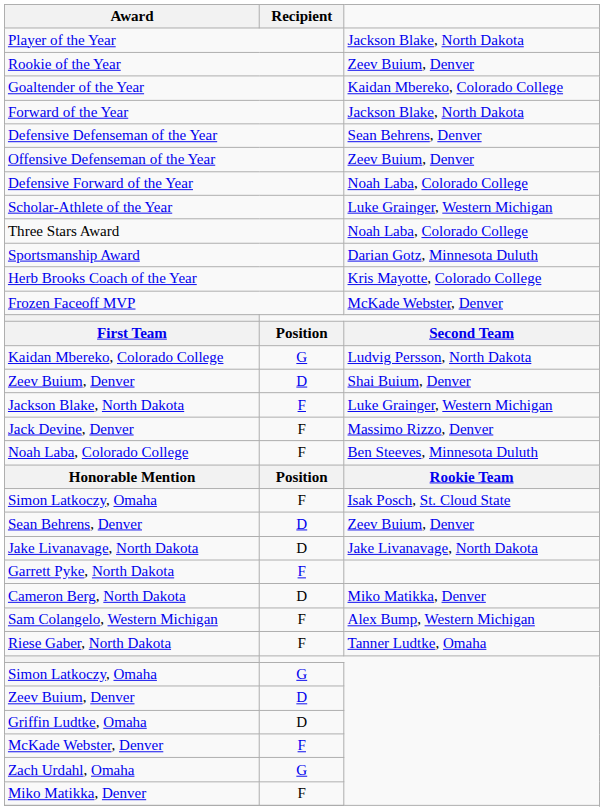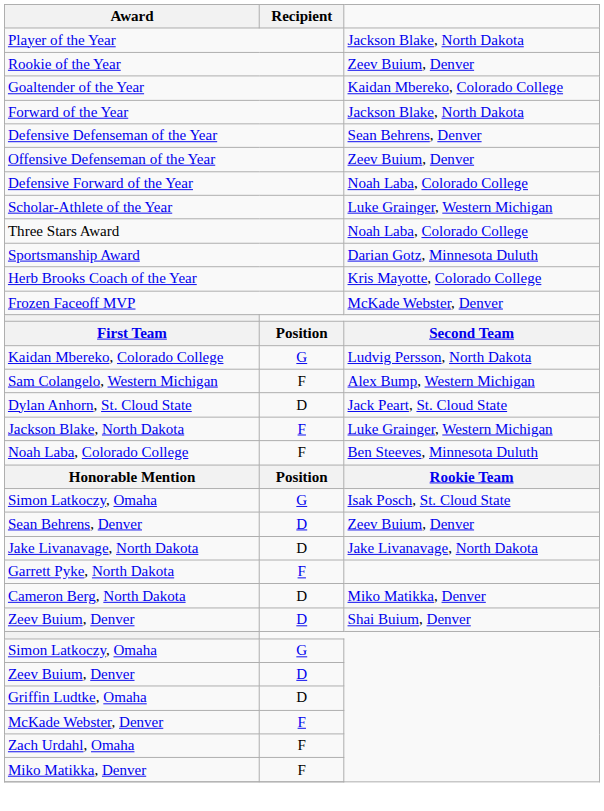 <table class="wikitable" width=40%>
 <tr>
 <th>Award</th>
 <th>Recipient</th>
 </tr>
 <tr>
 <td colspan=2><a href='#'>Player of the Year</a></td>
 <td><a href='#'>Jackson Blake</a>, <a href='#'>North Dakota</a></td>
 </tr>
 <tr>
 <td colspan=2><a href='#'>Rookie of the Year</a></td>
 <td><a href='#'>Zeev Buium</a>, <a href='#'>Denver</a></td>
 </tr>
 <tr>
 <td colspan=2><a href='#'>Goaltender of the Year</a></td>
 <td><a href='#'>Kaidan Mbereko</a>, <a href='#'>Colorado College</a></td>
 </tr>
 <tr>
 <td colspan=2><a href='#'>Forward of the Year</a></td>
 <td><a href='#'>Jackson Blake</a>, <a href='#'>North Dakota</a></td>
 </tr>
 <tr>
 <td colspan=2><a href='#'>Defensive Defenseman of the Year</a></td>
 <td><a href='#'>Sean Behrens</a>, <a href='#'>Denver</a></td>
 </tr>
 <tr>
 <td colspan=2><a href='#'>Offensive Defenseman of the Year</a></td>
 <td><a href='#'>Zeev Buium</a>, <a href='#'>Denver</a></td>
 </tr>
 <tr>
 <td colspan=2><a href='#'>Defensive Forward of the Year</a></td>
 <td><a href='#'>Noah Laba</a>, <a href='#'>Colorado College</a></td>
 </tr>
 <tr>
 <td colspan=2><a href='#'>Scholar-Athlete of the Year</a></td>
 <td><a href='#'>Luke Grainger</a>, <a href='#'>Western Michigan</a></td>
 </tr>
 <tr>
 <td colspan=2>Three Stars Award</td>
 <td><a href='#'>Noah Laba</a>, <a href='#'>Colorado College</a></td>
 </tr>
 <tr>
 <td colspan=2><a href='#'>Sportsmanship Award</a></td>
 <td><a href='#'>Darian Gotz</a>, <a href='#'>Minnesota Duluth</a></td>
 </tr>
 <tr>
 <td colspan=2><a href='#'>Herb Brooks Coach of the Year</a></td>
 <td><a href='#'>Kris Mayotte</a>, <a href='#'>Colorado College</a></td>
 </tr>
 <tr>
 <td colspan=2><a href='#'>Frozen Faceoff MVP</a></td>
 <td><a href='#'>McKade Webster</a>, <a href='#'>Denver</a></td>
 </tr>
 <tr>
 <th><a href='#'></a></th>
 </tr>
 <tr>
 <th><a href='#'>First Team</a></th>
 <th>  Position  </th>
 <th><a href='#'>Second Team</a></th>
 </tr>
 <tr>
 <td><a href='#'>Kaidan Mbereko</a>, <a href='#'>Colorado College</a></td>
 <td align=center><a href='#'>G</a></td>
 <td><a href='#'>Ludvig Persson</a>, <a href='#'>North Dakota</a></td>
 </tr>
 <tr>
-<td><a href='#'>Zeev Buium</a>, <a href='#'>Denver</a></td>
-<td align=center><a href='#'>D</a></td>
-<td><a href='#'>Shai Buium</a>, <a href='#'>Denver</a></td>
+<td><a href='#'>Sam Colangelo</a>, <a href='#'>Western Michigan</a></td>
+<td align=center>F</td>
+<td><a href='#'>Alex Bump</a>, <a href='#'>Western Michigan</a></td>
+</tr>
+<tr>
+<td><a href='#'>Dylan Anhorn</a>, <a href='#'>St. Cloud State</a></td>
+<td align=center>D</td>
+<td><a href='#'>Jack Peart</a>, <a href='#'>St. Cloud State</a></td>
 </tr>
 <tr>
 <td><a href='#'>Jackson Blake</a>, <a href='#'>North Dakota</a></td>
 <td align=center><a href='#'>F</a></td>
 <td><a href='#'>Luke Grainger</a>, <a href='#'>Western Michigan</a></td>
-</tr>
-<tr>
-<td><a href='#'>Jack Devine</a>, <a href='#'>Denver</a></td>
-<td align=center>F</td>
-<td><a href='#'>Massimo Rizzo</a>, <a href='#'>Denver</a></td>
 </tr>
 <tr>
 <td><a href='#'>Noah Laba</a>, <a href='#'>Colorado College</a></td>
 <td align=center>F</td>
 <td><a href='#'>Ben Steeves</a>, <a href='#'>Minnesota Duluth</a></td>
 </tr>
 <tr>
 <th>Honorable Mention</th>
 <th>  Position  </th>
 <th><a href='#'>Rookie Team</a></th>
 </tr>
 <tr>
 <td><a href='#'>Simon Latkoczy</a>, <a href='#'>Omaha</a></td>
-<td align=center>F</td>
+<td align=center><a href='#'>G</a></td>
 <td><a href='#'>Isak Posch</a>, <a href='#'>St. Cloud State</a></td>
 </tr>
 <tr>
 <td><a href='#'>Sean Behrens</a>, <a href='#'>Denver</a></td>
 <td align=center><a href='#'>D</a></td>
 <td><a href='#'>Zeev Buium</a>, <a href='#'>Denver</a></td>
 </tr>
 <tr>
 <td><a href='#'>Jake Livanavage</a>, <a href='#'>North Dakota</a></td>
 <td align=center>D</td>
 <td><a href='#'>Jake Livanavage</a>, <a href='#'>North Dakota</a></td>
 </tr>
 <tr>
 <td><a href='#'>Garrett Pyke</a>, <a href='#'>North Dakota</a></td>
 <td align=center><a href='#'>F</a></td>
 <td></td>
 </tr>
 <tr>
 <td><a href='#'>Cameron Berg</a>, <a href='#'>North Dakota</a></td>
 <td align=center>D</td>
 <td><a href='#'>Miko Matikka</a>, <a href='#'>Denver</a></td>
 </tr>
 <tr>
-<td><a href='#'>Sam Colangelo</a>, <a href='#'>Western Michigan</a></td>
-<td align=center>F</td>
-<td><a href='#'>Alex Bump</a>, <a href='#'>Western Michigan</a></td>
-</tr>
-<tr>
-<td><a href='#'>Riese Gaber</a>, <a href='#'>North Dakota</a></td>
-<td align=center>F</td>
-<td><a href='#'>Tanner Ludtke</a>, <a href='#'>Omaha</a></td>
+<td><a href='#'>Zeev Buium</a>, <a href='#'>Denver</a></td>
+<td align=center><a href='#'>D</a></td>
+<td><a href='#'>Shai Buium</a>, <a href='#'>Denver</a></td>
 </tr>
 <tr>
 <th><a href='#'></a></th>
 </tr>
 <tr>
 <td><a href='#'>Simon Latkoczy</a>, <a href='#'>Omaha</a></td>
 <td align=center><a href='#'>G</a></td>
 </tr>
 <tr>
 <td><a href='#'>Zeev Buium</a>, <a href='#'>Denver</a></td>
 <td align=center><a href='#'>D</a></td>
 </tr>
 <tr>
 <td><a href='#'>Griffin Ludtke</a>, <a href='#'>Omaha</a></td>
 <td align=center>D</td>
 </tr>
 <tr>
 <td><a href='#'>McKade Webster</a>, <a href='#'>Denver</a></td>
 <td align=center><a href='#'>F</a></td>
 </tr>
 <tr>
 <td><a href='#'>Zach Urdahl</a>, <a href='#'>Omaha</a></td>
-<td align=center><a href='#'>G</a></td>
+<td align=center>F</td>
 </tr>
 <tr>
 <td><a href='#'>Miko Matikka</a>, <a href='#'>Denver</a></td>
 <td align=center>F</td>
 </tr>
 <tr>
 </tr>
 </table>
